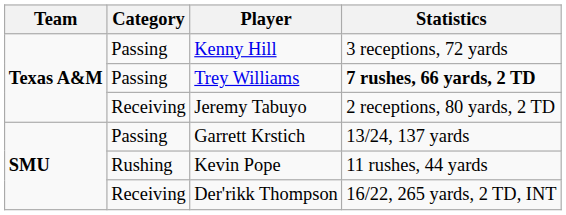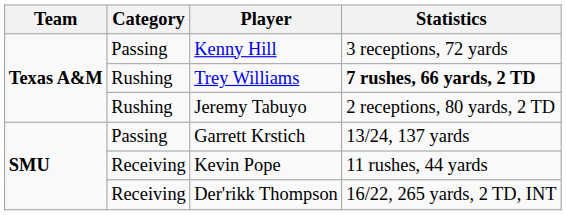 <table class="wikitable" style="float: left;">
 <tr>
 <th>Team</th>
 <th>Category</th>
 <th>Player</th>
 <th>Statistics</th>
 </tr>
 <tr>
 <td rowspan=3><strong>Texas A&M</strong></td>
 <td>Passing</td>
 <td><a href='#'>Kenny Hill</a></td>
 <td>3 receptions, 72 yards</td>
 </tr>
 <tr>
-<td>Passing</td>
+<td>Rushing</td>
 <td><a href='#'>Trey Williams</a></td>
 <td><strong>7 rushes, 66 yards, 2 TD</strong></td>
 </tr>
 <tr>
-<td>Receiving</td>
+<td>Rushing</td>
 <td>Jeremy Tabuyo</td>
 <td>2 receptions, 80 yards, 2 TD</td>
 </tr>
 <tr>
 <td rowspan=3><strong>SMU</strong></td>
 <td>Passing</td>
 <td>Garrett Krstich</td>
 <td>13/24, 137 yards</td>
 </tr>
 <tr>
-<td>Rushing</td>
+<td>Receiving</td>
 <td>Kevin Pope</td>
 <td>11 rushes, 44 yards</td>
 </tr>
 <tr>
 <td>Receiving</td>
 <td>Der'rikk Thompson</td>
 <td>16/22, 265 yards, 2 TD, INT</td>
 </tr>
 </table>
